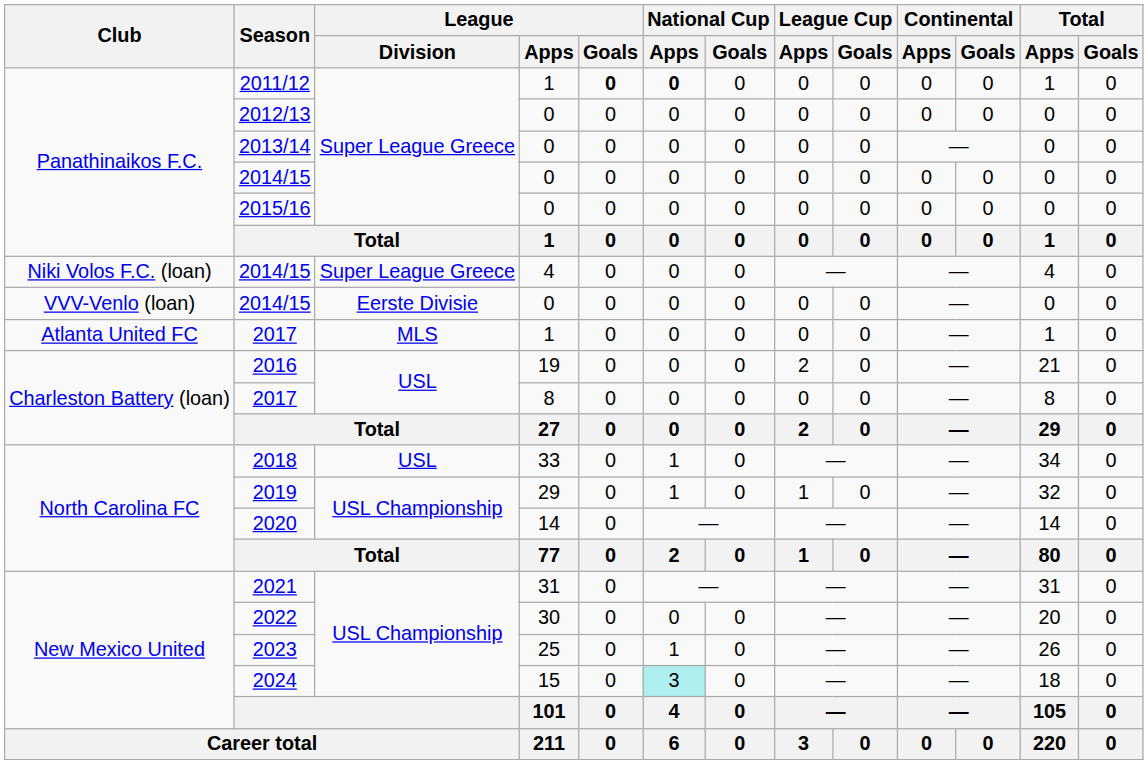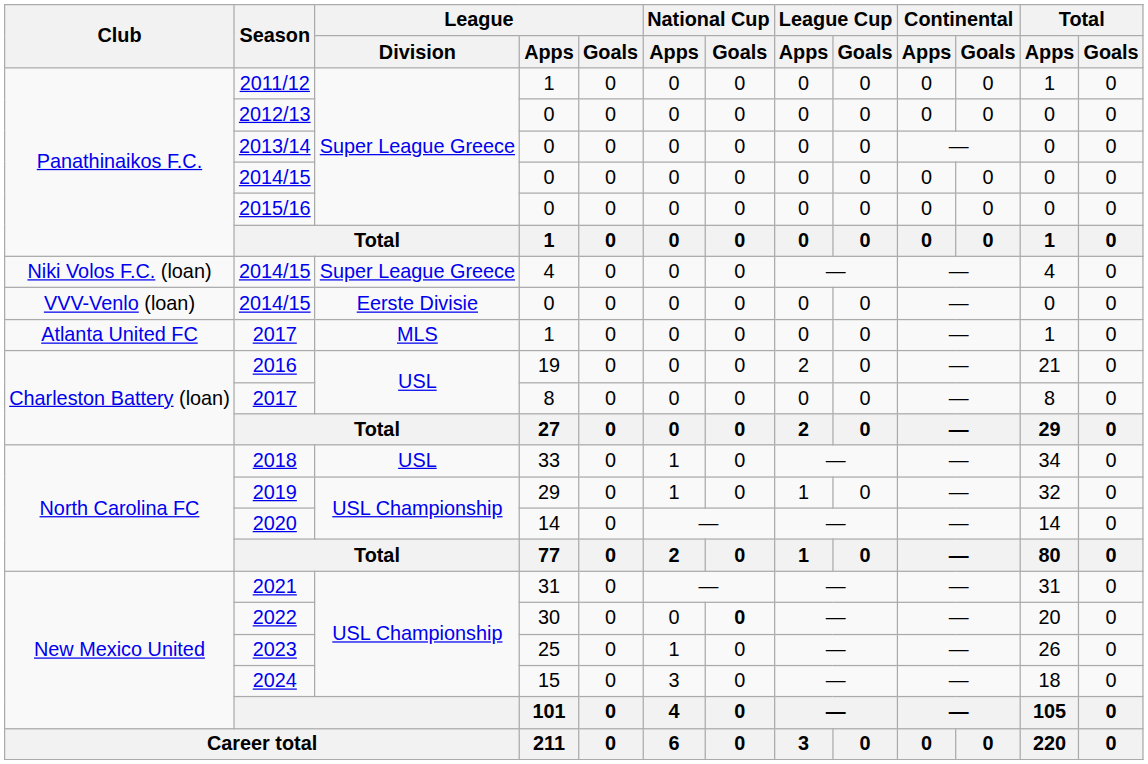 <table class="wikitable" style="text-align:center">
 <tr>
 <th rowspan="2">Club</th>
 <th rowspan="2">Season</th>
 <th colspan="3">League</th>
 <th colspan="2">National Cup</th>
 <th colspan="2">League Cup</th>
 <th colspan="2">Continental</th>
 <th colspan="2">Total</th>
 </tr>
 <tr>
 <th>Division</th>
 <th>Apps</th>
 <th>Goals</th>
 <th>Apps</th>
 <th>Goals</th>
 <th>Apps</th>
 <th>Goals</th>
 <th>Apps</th>
 <th>Goals</th>
 <th>Apps</th>
 <th>Goals</th>
 </tr>
 <tr>
 <td rowspan="6"><a href='#'>Panathinaikos F.C.</a></td>
 <td><a href='#'>2011/12</a></td>
 <td rowspan="5"><a href='#'>Super League Greece</a></td>
 <td>1</td>
-<td><strong>0</strong></td>
-<td><strong>0</strong></td>
+<td>0</td>
+<td>0</td>
 <td>0</td>
 <td>0</td>
 <td>0</td>
 <td>0</td>
 <td>0</td>
 <td>1</td>
 <td>0</td>
 </tr>
 <tr>
 <td><a href='#'>2012/13</a></td>
 <td>0</td>
 <td>0</td>
 <td>0</td>
 <td>0</td>
 <td>0</td>
 <td>0</td>
 <td>0</td>
 <td>0</td>
 <td>0</td>
 <td>0</td>
 </tr>
 <tr>
 <td><a href='#'>2013/14</a></td>
 <td>0</td>
 <td>0</td>
 <td>0</td>
 <td>0</td>
 <td>0</td>
 <td>0</td>
 <td colspan="2">—</td>
 <td>0</td>
 <td>0</td>
 </tr>
 <tr>
 <td><a href='#'>2014/15</a></td>
 <td>0</td>
 <td>0</td>
 <td>0</td>
 <td>0</td>
 <td>0</td>
 <td>0</td>
 <td>0</td>
 <td>0</td>
 <td>0</td>
 <td>0</td>
 </tr>
 <tr>
 <td><a href='#'>2015/16</a></td>
 <td>0</td>
 <td>0</td>
 <td>0</td>
 <td>0</td>
 <td>0</td>
 <td>0</td>
 <td>0</td>
 <td>0</td>
 <td>0</td>
 <td>0</td>
 </tr>
 <tr>
 <th colspan="2">Total</th>
 <th>1</th>
 <th>0</th>
 <th>0</th>
 <th>0</th>
 <th>0</th>
 <th>0</th>
 <th>0</th>
 <th>0</th>
 <th>1</th>
 <th>0</th>
 </tr>
 <tr>
 <td><a href='#'>Niki Volos F.C.</a> (loan)</td>
 <td><a href='#'>2014/15</a></td>
 <td><a href='#'>Super League Greece</a></td>
 <td>4</td>
 <td>0</td>
 <td>0</td>
 <td>0</td>
 <td colspan="2">—</td>
 <td colspan="2">—</td>
 <td>4</td>
 <td>0</td>
 </tr>
 <tr>
 <td><a href='#'>VVV-Venlo</a> (loan)</td>
 <td><a href='#'>2014/15</a></td>
 <td><a href='#'>Eerste Divisie</a></td>
 <td>0</td>
 <td>0</td>
 <td>0</td>
 <td>0</td>
 <td>0</td>
 <td>0</td>
 <td colspan="2">—</td>
 <td>0</td>
 <td>0</td>
 </tr>
 <tr>
 <td><a href='#'>Atlanta United FC</a></td>
 <td><a href='#'>2017</a></td>
 <td><a href='#'>MLS</a></td>
 <td>1</td>
 <td>0</td>
 <td>0</td>
 <td>0</td>
 <td>0</td>
 <td>0</td>
 <td colspan="2">—</td>
 <td>1</td>
 <td>0</td>
 </tr>
 <tr>
 <td rowspan="3"><a href='#'>Charleston Battery</a> (loan)</td>
 <td><a href='#'>2016</a></td>
 <td rowspan="2"><a href='#'>USL</a></td>
 <td>19</td>
 <td>0</td>
 <td>0</td>
 <td>0</td>
 <td>2</td>
 <td>0</td>
 <td colspan="2">—</td>
 <td>21</td>
 <td>0</td>
 </tr>
 <tr>
 <td><a href='#'>2017</a></td>
 <td>8</td>
 <td>0</td>
 <td>0</td>
 <td>0</td>
 <td>0</td>
 <td>0</td>
 <td colspan="2">—</td>
 <td>8</td>
 <td>0</td>
 </tr>
 <tr>
 <th colspan="2">Total</th>
 <th>27</th>
 <th>0</th>
 <th>0</th>
 <th>0</th>
 <th>2</th>
 <th>0</th>
 <th colspan="2">—</th>
 <th>29</th>
 <th>0</th>
 </tr>
 <tr>
 <td rowspan="4"><a href='#'>North Carolina FC</a></td>
 <td><a href='#'>2018</a></td>
 <td><a href='#'>USL</a></td>
 <td>33</td>
 <td>0</td>
 <td>1</td>
 <td>0</td>
 <td colspan="2">—</td>
 <td colspan="2">—</td>
 <td>34</td>
 <td>0</td>
 </tr>
 <tr>
 <td><a href='#'>2019</a></td>
 <td rowspan="2"><a href='#'>USL Championship</a></td>
 <td>29</td>
 <td>0</td>
 <td>1</td>
 <td>0</td>
 <td>1</td>
 <td>0</td>
 <td colspan="2">—</td>
 <td>32</td>
 <td>0</td>
 </tr>
 <tr>
 <td><a href='#'>2020</a></td>
 <td>14</td>
 <td>0</td>
 <td colspan="2">—</td>
 <td colspan="2">—</td>
 <td colspan="2">—</td>
 <td>14</td>
 <td>0</td>
 </tr>
 <tr>
 <th colspan="2">Total</th>
 <th>77</th>
 <th>0</th>
 <th>2</th>
 <th>0</th>
 <th>1</th>
 <th>0</th>
 <th colspan="2">—</th>
 <th>80</th>
 <th>0</th>
 </tr>
 <tr>
 <td rowspan="5"><a href='#'>New Mexico United</a></td>
 <td><a href='#'>2021</a></td>
 <td rowspan="4"><a href='#'>USL Championship</a></td>
 <td>31</td>
 <td>0</td>
 <td colspan="2">—</td>
 <td colspan="2">—</td>
 <td colspan="2">—</td>
 <td>31</td>
 <td>0</td>
 </tr>
 <tr>
 <td><a href='#'>2022</a></td>
 <td>30</td>
 <td>0</td>
 <td>0</td>
-<td>0</td>
+<td><strong>0</strong></td>
 <td colspan="2">—</td>
 <td colspan="2">—</td>
 <td>20</td>
 <td>0</td>
 </tr>
 <tr>
 <td><a href='#'>2023</a></td>
 <td>25</td>
 <td>0</td>
 <td>1</td>
 <td>0</td>
 <td colspan="2">—</td>
 <td colspan="2">—</td>
 <td>26</td>
 <td>0</td>
 </tr>
 <tr>
 <td><a href='#'>2024</a></td>
 <td>15</td>
 <td>0</td>
-<td style="background: paleturquoise;">3</td>
+<td>3</td>
 <td>0</td>
 <td colspan="2">—</td>
 <td colspan="2">—</td>
 <td>18</td>
 <td>0</td>
 </tr>
 <tr>
 <th colspan="2"></th>
 <th>101</th>
 <th>0</th>
 <th>4</th>
 <th>0</th>
 <th colspan="2">—</th>
 <th colspan="2">—</th>
 <th>105</th>
 <th>0</th>
 </tr>
 <tr>
 <th colspan="3">Career total</th>
 <th>211</th>
 <th>0</th>
 <th>6</th>
 <th>0</th>
 <th>3</th>
 <th>0</th>
 <th>0</th>
 <th>0</th>
 <th>220</th>
 <th>0</th>
 </tr>
 <tr>
 </tr>
 </table>
